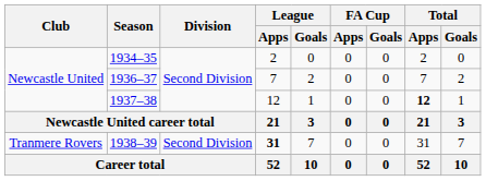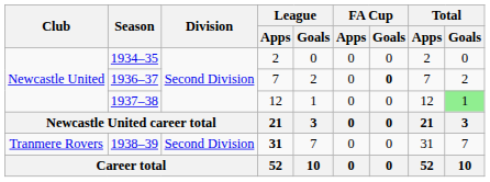 <table class="wikitable" style="text-align:center;">
 <tr>
 <th rowspan="2">Club</th>
 <th rowspan="2">Season</th>
 <th rowspan="2">Division</th>
 <th colspan="2">League</th>
 <th colspan="2">FA Cup</th>
 <th colspan="2">Total</th>
 </tr>
 <tr>
 <th>Apps</th>
 <th>Goals</th>
 <th>Apps</th>
 <th>Goals</th>
 <th>Apps</th>
 <th>Goals</th>
 </tr>
 <tr>
 <td rowspan="3"><a href='#'>Newcastle United</a></td>
 <td><a href='#'>1934–35</a></td>
 <td rowspan="3"><a href='#'>Second Division</a></td>
 <td>2</td>
 <td>0</td>
 <td>0</td>
 <td>0</td>
 <td>2</td>
 <td>0</td>
 </tr>
 <tr>
 <td><a href='#'>1936–37</a></td>
 <td>7</td>
 <td>2</td>
 <td>0</td>
-<td>0</td>
+<td><strong>0</strong></td>
 <td>7</td>
 <td>2</td>
 </tr>
 <tr>
 <td><a href='#'>1937–38</a></td>
 <td>12</td>
 <td>1</td>
 <td>0</td>
 <td>0</td>
-<td><strong>12</strong></td>
-<td>1</td>
+<td>12</td>
+<td style="background: lightgreen;">1</td>
 </tr>
 <tr>
 <th colspan="3">Newcastle United career total</th>
 <th>21</th>
 <th>3</th>
 <th>0</th>
 <th>0</th>
 <th>21</th>
 <th>3</th>
 </tr>
 <tr>
 <td><a href='#'>Tranmere Rovers</a></td>
 <td><a href='#'>1938–39</a></td>
 <td><a href='#'>Second Division</a></td>
 <td><strong>31</strong></td>
 <td>7</td>
 <td>0</td>
 <td>0</td>
 <td>31</td>
 <td>7</td>
 </tr>
 <tr>
 <th colspan="3">Career total</th>
 <th>52</th>
 <th>10</th>
 <th>0</th>
 <th>0</th>
 <th>52</th>
 <th>10</th>
 </tr>
 </table>
